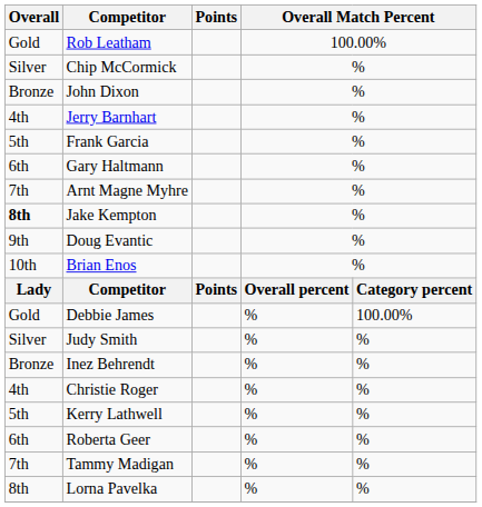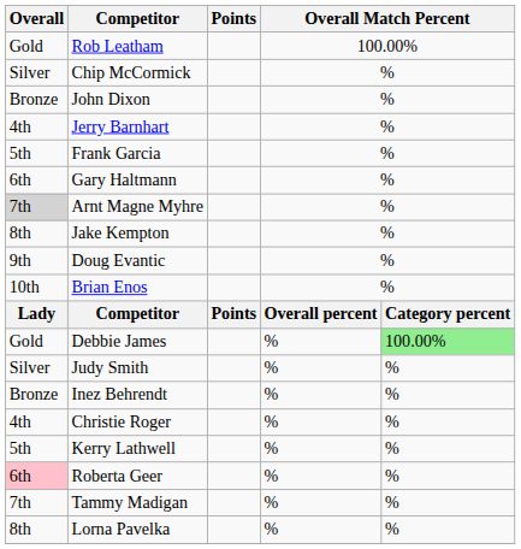 <table class="wikitable sortable" style="text-align: left;">
 <tr>
 <th>Overall</th>
 <th>Competitor</th>
 <th>Points</th>
 <th colspan="2">Overall Match Percent</th>
 </tr>
 <tr>
 <td> Gold</td>
 <td> <a href='#'>Rob Leatham</a></td>
 <td></td>
 <td colspan="2" style="text-align: center;">100.00%</td>
 </tr>
 <tr>
 <td> Silver</td>
 <td> Chip McCormick</td>
 <td></td>
 <td colspan="2" style="text-align: center;">%</td>
 </tr>
 <tr>
 <td> Bronze</td>
 <td> John Dixon</td>
 <td></td>
 <td colspan="2" style="text-align: center;">%</td>
 </tr>
 <tr>
 <td>4th</td>
 <td> <a href='#'>Jerry Barnhart</a></td>
 <td></td>
 <td colspan="2" style="text-align: center;">%</td>
 </tr>
 <tr>
 <td>5th</td>
 <td> Frank Garcia</td>
 <td></td>
 <td colspan="2" style="text-align: center;">%</td>
 </tr>
 <tr>
 <td>6th</td>
 <td> Gary Haltmann</td>
 <td></td>
 <td colspan="2" style="text-align: center;">%</td>
 </tr>
 <tr>
-<td>7th</td>
+<td style="background: lightgrey;">7th</td>
 <td> Arnt Magne Myhre</td>
 <td></td>
 <td colspan="2" style="text-align: center;">%</td>
 </tr>
 <tr>
-<td><strong>8th</strong></td>
+<td>8th</td>
 <td> Jake Kempton</td>
 <td></td>
 <td colspan="2" style="text-align: center;">%</td>
 </tr>
 <tr>
 <td>9th</td>
 <td> Doug Evantic</td>
 <td></td>
 <td colspan="2" style="text-align: center;">%</td>
 </tr>
 <tr>
 <td>10th</td>
 <td> <a href='#'>Brian Enos</a></td>
 <td></td>
 <td colspan="2" style="text-align: center;">%</td>
 </tr>
 <tr>
 <th>Lady</th>
 <th>Competitor</th>
 <th>Points</th>
 <th>Overall percent</th>
 <th>Category percent</th>
 </tr>
 <tr>
 <td> Gold</td>
 <td> Debbie James</td>
 <td></td>
 <td>%</td>
-<td>100.00%</td>
+<td style="background: lightgreen;">100.00%</td>
 </tr>
 <tr>
 <td> Silver</td>
 <td> Judy Smith</td>
 <td></td>
 <td>%</td>
 <td>%</td>
 </tr>
 <tr>
 <td> Bronze</td>
 <td> Inez Behrendt</td>
 <td></td>
 <td>%</td>
 <td>%</td>
 </tr>
 <tr>
 <td>4th</td>
 <td> Christie Roger</td>
 <td></td>
 <td>%</td>
 <td>%</td>
 </tr>
 <tr>
 <td>5th</td>
 <td> Kerry Lathwell</td>
 <td></td>
 <td>%</td>
 <td>%</td>
 </tr>
 <tr>
-<td>6th</td>
+<td style="background: pink;">6th</td>
 <td> Roberta Geer</td>
 <td></td>
 <td>%</td>
 <td>%</td>
 </tr>
 <tr>
 <td>7th</td>
 <td> Tammy Madigan</td>
 <td></td>
 <td>%</td>
 <td>%</td>
 </tr>
 <tr>
 <td>8th</td>
 <td> Lorna Pavelka</td>
 <td></td>
 <td>%</td>
 <td>%</td>
 </tr>
 <tr>
 </tr>
 </table>
